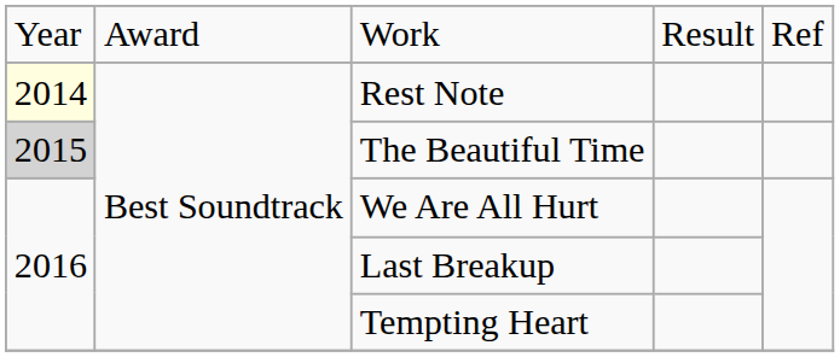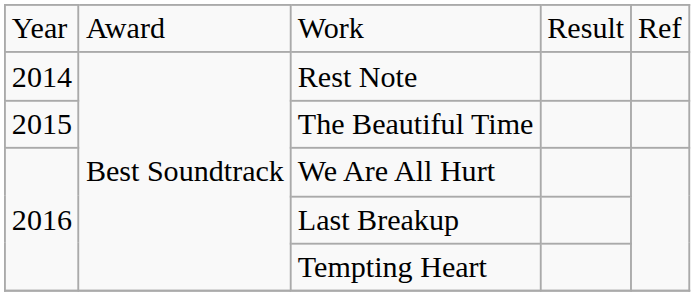 <table class="wikitable">
 <tr>
 <td>Year</td>
 <td>Award</td>
 <td>Work</td>
 <td>Result</td>
 <td>Ref</td>
 </tr>
 <tr>
-<td style="background: lightyellow;">2014</td>
+<td>2014</td>
 <td rowspan="5">Best Soundtrack</td>
 <td>Rest Note</td>
 <td></td>
 <td></td>
 </tr>
 <tr>
-<td style="background: lightgrey;">2015</td>
+<td>2015</td>
 <td>The Beautiful Time</td>
 <td></td>
 <td></td>
 </tr>
 <tr>
 <td rowspan="3">2016</td>
 <td>We Are All Hurt</td>
 <td></td>
 <td rowspan="3"></td>
 </tr>
 <tr>
 <td>Last Breakup</td>
 <td></td>
 </tr>
 <tr>
 <td>Tempting Heart</td>
 <td></td>
 </tr>
 <tr>
 </tr>
 </table>
